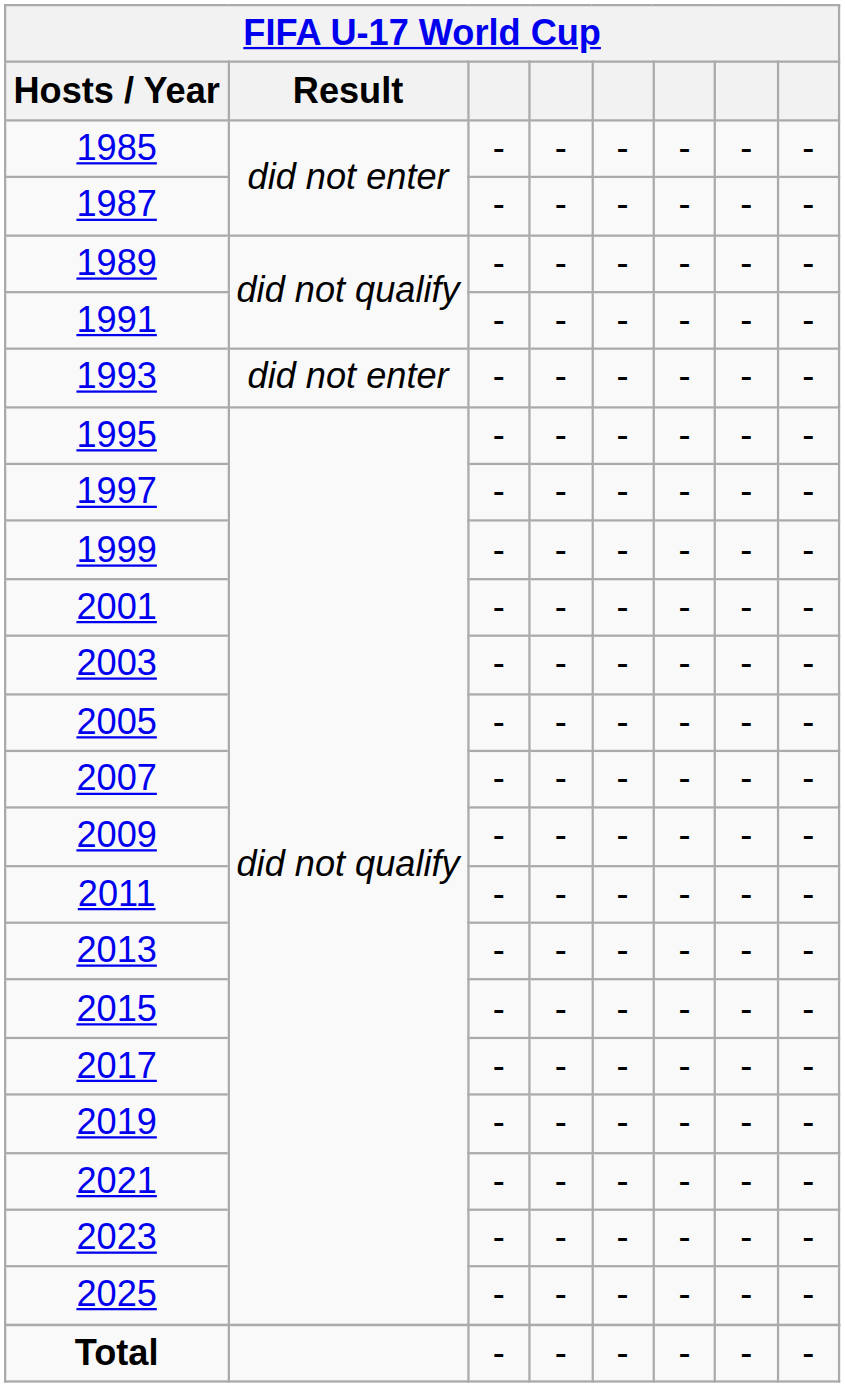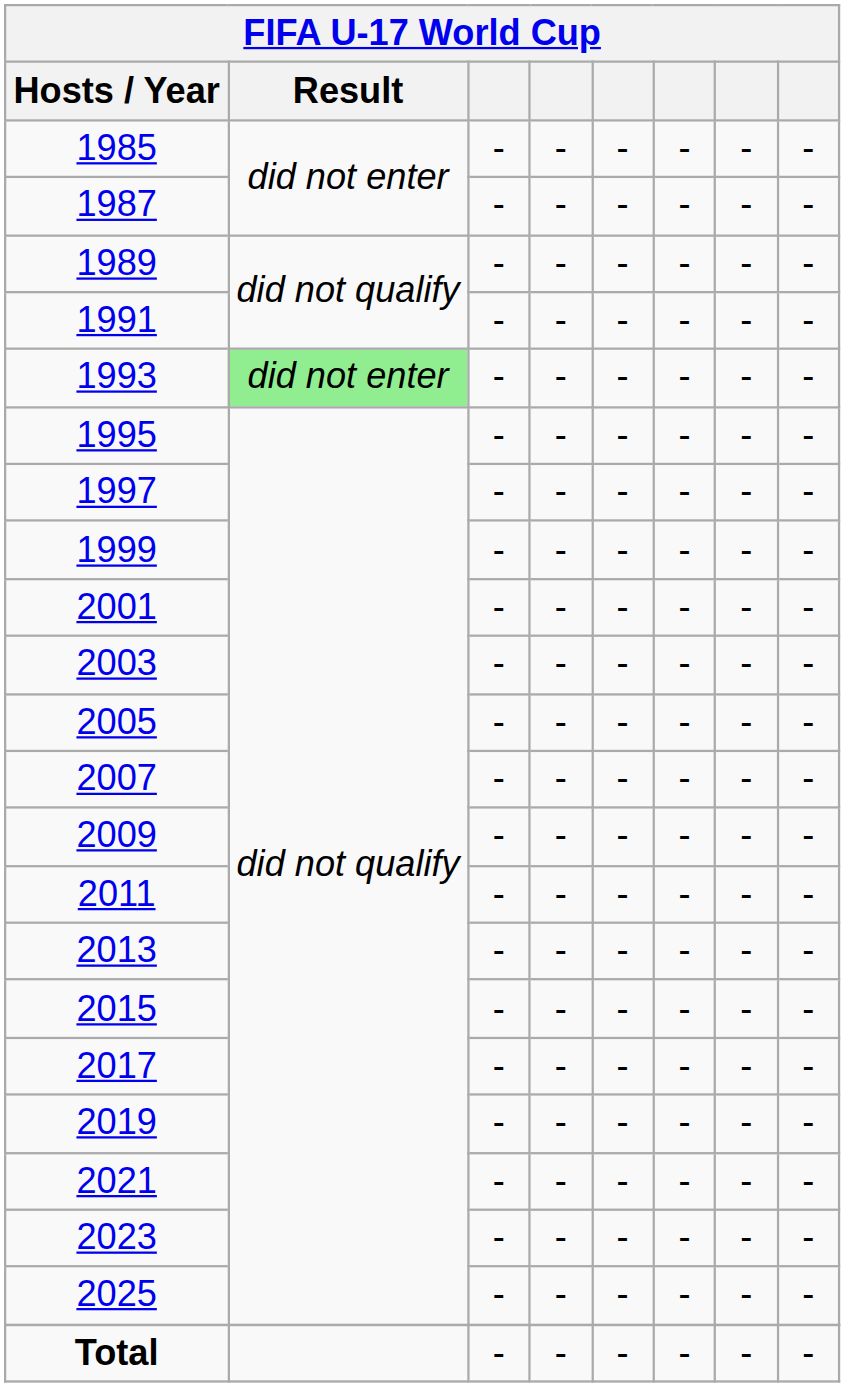 <table class="wikitable" style="text-align: center;">
 <tr>
 <th colspan=9><a href='#'>FIFA U-17 World Cup</a></th>
 </tr>
 <tr>
 <th>Hosts / Year</th>
 <th>Result</th>
 <th width=20></th>
 <th width=20></th>
 <th width=20></th>
 <th width=20></th>
 <th width=20></th>
 <th width=20></th>
 </tr>
 <tr>
 <td> <a href='#'>1985</a></td>
 <td rowspan="2"><em>did not enter</em></td>
 <td>-</td>
 <td>-</td>
 <td>-</td>
 <td>-</td>
 <td>-</td>
 <td>-</td>
 </tr>
 <tr>
 <td> <a href='#'>1987</a></td>
 <td>-</td>
 <td>-</td>
 <td>-</td>
 <td>-</td>
 <td>-</td>
 <td>-</td>
 </tr>
 <tr>
 <td> <a href='#'>1989</a></td>
 <td rowspan="2"><em>did not qualify</em></td>
 <td>-</td>
 <td>-</td>
 <td>-</td>
 <td>-</td>
 <td>-</td>
 <td>-</td>
 </tr>
 <tr>
 <td> <a href='#'>1991</a></td>
 <td>-</td>
 <td>-</td>
 <td>-</td>
 <td>-</td>
 <td>-</td>
 <td>-</td>
 </tr>
 <tr>
 <td> <a href='#'>1993</a></td>
-<td><em>did not enter</em></td>
+<td style="background: lightgreen;"><em>did not enter</em></td>
 <td>-</td>
 <td>-</td>
 <td>-</td>
 <td>-</td>
 <td>-</td>
 <td>-</td>
 </tr>
 <tr>
 <td> <a href='#'>1995</a></td>
 <td rowspan="16"><em>did not qualify</em></td>
 <td>-</td>
 <td>-</td>
 <td>-</td>
 <td>-</td>
 <td>-</td>
 <td>-</td>
 </tr>
 <tr>
 <td> <a href='#'>1997</a></td>
 <td>-</td>
 <td>-</td>
 <td>-</td>
 <td>-</td>
 <td>-</td>
 <td>-</td>
 </tr>
 <tr>
 <td> <a href='#'>1999</a></td>
 <td>-</td>
 <td>-</td>
 <td>-</td>
 <td>-</td>
 <td>-</td>
 <td>-</td>
 </tr>
 <tr>
 <td> <a href='#'>2001</a></td>
 <td>-</td>
 <td>-</td>
 <td>-</td>
 <td>-</td>
 <td>-</td>
 <td>-</td>
 </tr>
 <tr>
 <td> <a href='#'>2003</a></td>
 <td>-</td>
 <td>-</td>
 <td>-</td>
 <td>-</td>
 <td>-</td>
 <td>-</td>
 </tr>
 <tr>
 <td> <a href='#'>2005</a></td>
 <td>-</td>
 <td>-</td>
 <td>-</td>
 <td>-</td>
 <td>-</td>
 <td>-</td>
 </tr>
 <tr>
 <td> <a href='#'>2007</a></td>
 <td>-</td>
 <td>-</td>
 <td>-</td>
 <td>-</td>
 <td>-</td>
 <td>-</td>
 </tr>
 <tr>
 <td> <a href='#'>2009</a></td>
 <td>-</td>
 <td>-</td>
 <td>-</td>
 <td>-</td>
 <td>-</td>
 <td>-</td>
 </tr>
 <tr>
 <td> <a href='#'>2011</a></td>
 <td>-</td>
 <td>-</td>
 <td>-</td>
 <td>-</td>
 <td>-</td>
 <td>-</td>
 </tr>
 <tr>
 <td> <a href='#'>2013</a></td>
 <td>-</td>
 <td>-</td>
 <td>-</td>
 <td>-</td>
 <td>-</td>
 <td>-</td>
 </tr>
 <tr>
 <td> <a href='#'>2015</a></td>
 <td>-</td>
 <td>-</td>
 <td>-</td>
 <td>-</td>
 <td>-</td>
 <td>-</td>
 </tr>
 <tr>
 <td> <a href='#'>2017</a></td>
 <td>-</td>
 <td>-</td>
 <td>-</td>
 <td>-</td>
 <td>-</td>
 <td>-</td>
 </tr>
 <tr>
 <td> <a href='#'>2019</a></td>
 <td>-</td>
 <td>-</td>
 <td>-</td>
 <td>-</td>
 <td>-</td>
 <td>-</td>
 </tr>
 <tr>
 <td> <a href='#'>2021</a></td>
 <td>-</td>
 <td>-</td>
 <td>-</td>
 <td>-</td>
 <td>-</td>
 <td>-</td>
 </tr>
 <tr>
 <td> <a href='#'>2023</a></td>
 <td>-</td>
 <td>-</td>
 <td>-</td>
 <td>-</td>
 <td>-</td>
 <td>-</td>
 </tr>
 <tr>
 <td> <a href='#'>2025</a></td>
 <td>-</td>
 <td>-</td>
 <td>-</td>
 <td>-</td>
 <td>-</td>
 <td>-</td>
 </tr>
 <tr>
 </tr>
 <tr>
 <td><strong>Total</strong></td>
 <td></td>
 <td>-</td>
 <td>-</td>
 <td>-</td>
 <td>-</td>
 <td>-</td>
 <td>-</td>
 </tr>
 </table>
